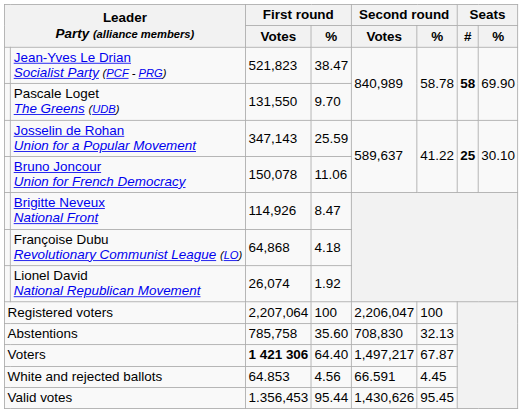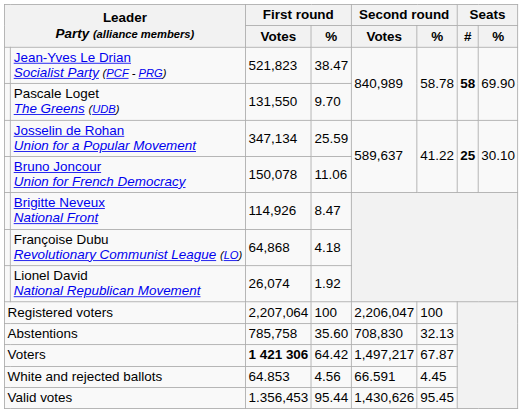 <table class="wikitable">
 <tr>
 <th colspan="2" rowspan="2">Leader<br><em>Party <small>(alliance members)</small></em></th>
 <th colspan="2">First round</th>
 <th colspan="2">Second round</th>
 <th colspan="2">Seats</th>
 </tr>
 <tr>
 <th>Votes</th>
 <th>%</th>
 <th>Votes</th>
 <th>%</th>
 <th>#</th>
 <th>%</th>
 </tr>
 <tr>
 <td style="background:"></td>
 <td><a href='#'>Jean-Yves Le Drian</a><br><a href='#'><em>Socialist Party</em></a> <em><small>(<a href='#'>PCF</a> - <a href='#'>PRG</a>)</small></em></td>
 <td>521,823</td>
 <td>38.47</td>
 <td rowspan="2">840,989</td>
 <td rowspan="2">58.78</td>
 <td rowspan="2"><strong>58</strong></td>
 <td rowspan="2">69.90</td>
 </tr>
 <tr>
 <td style="background:"></td>
 <td>Pascale Loget<br><em><a href='#'>The Greens</a> <small>(<a href='#'>UDB</a>)</small></em></td>
 <td>131,550</td>
 <td>9.70</td>
 </tr>
 <tr>
 <td style="background:"></td>
 <td><a href='#'>Josselin de Rohan</a><br><em><a href='#'>Union for a Popular Movement</a></em></td>
-<td>347,143</td>
+<td>347,134</td>
 <td>25.59</td>
 <td rowspan="2">589,637</td>
 <td rowspan="2">41.22</td>
 <td rowspan="2"><strong>25</strong></td>
 <td rowspan="2">30.10</td>
 </tr>
 <tr>
 <td style="background:"></td>
 <td><a href='#'>Bruno Joncour</a><br><em><a href='#'>Union for French Democracy</a></em></td>
 <td>150,078</td>
 <td>11.06</td>
 </tr>
 <tr>
 <td style="background:"></td>
 <td><a href='#'>Brigitte Neveux</a><br><em><a href='#'>National Front</a></em></td>
 <td>114,926</td>
 <td>8.47</td>
 <th colspan="4" rowspan="3"></th>
 </tr>
 <tr>
 <td style="background:"></td>
 <td>Françoise Dubu<br><em><a href='#'>Revolutionary Communist League</a> <small>(<a href='#'>LO</a>)</small></em></td>
 <td>64,868</td>
 <td>4.18</td>
 </tr>
 <tr>
 <td style="background:"></td>
 <td>Lionel David<br><em><a href='#'>National Republican Movement</a></em></td>
 <td>26,074</td>
 <td>1.92</td>
 </tr>
 <tr>
 <td colspan="2">Registered voters</td>
 <td>2,207,064</td>
 <td>100</td>
 <td>2,206,047</td>
 <td>100</td>
 <th colspan="2" rowspan="5"></th>
 </tr>
 <tr>
 <td colspan="2">Abstentions</td>
 <td>785,758</td>
 <td>35.60</td>
 <td>708,830</td>
 <td>32.13</td>
 </tr>
 <tr>
 <td colspan="2">Voters</td>
 <td><strong>1 421 306</strong></td>
-<td>64.40</td>
+<td>64.42</td>
 <td>1,497,217</td>
 <td>67.87</td>
 </tr>
 <tr>
 <td colspan="2">White and rejected ballots</td>
 <td>64.853</td>
 <td>4.56</td>
 <td>66.591</td>
 <td>4.45</td>
 </tr>
 <tr>
 <td colspan="2">Valid votes</td>
 <td>1.356,453</td>
 <td>95.44</td>
 <td>1,430,626</td>
 <td>95.45</td>
 </tr>
 </table>
